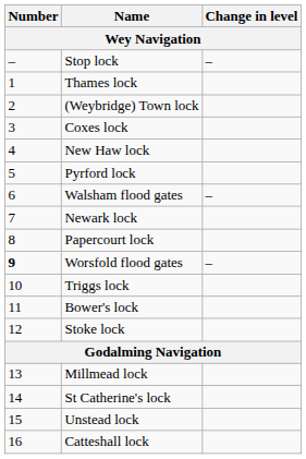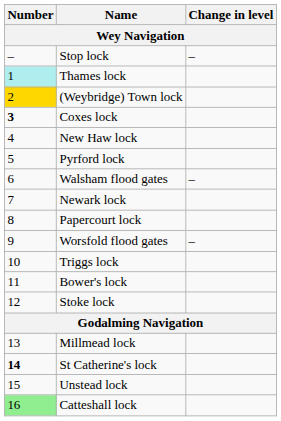 <table class="wikitable">
 <tr>
 <th>Number</th>
 <th>Name</th>
 <th>Change in level</th>
 </tr>
 <tr>
 <th Colspan=3, align=center>Wey Navigation</th>
 </tr>
 <tr>
 <td>–</td>
 <td>Stop lock</td>
 <td>–</td>
 </tr>
 <tr>
-<td>1</td>
+<td style="background: paleturquoise;">1</td>
 <td>Thames lock</td>
 <td></td>
 </tr>
 <tr>
-<td>2</td>
+<td style="background: gold;">2</td>
 <td>(Weybridge) Town lock</td>
 <td></td>
 </tr>
 <tr>
-<td>3</td>
+<td><strong>3</strong></td>
 <td>Coxes lock</td>
 <td></td>
 </tr>
 <tr>
 <td>4</td>
 <td>New Haw lock</td>
 <td></td>
 </tr>
 <tr>
 <td>5</td>
 <td>Pyrford lock</td>
 <td></td>
 </tr>
 <tr>
 <td>6</td>
 <td>Walsham flood gates</td>
 <td>–</td>
 </tr>
 <tr>
 <td>7</td>
 <td>Newark lock</td>
 <td></td>
 </tr>
 <tr>
 <td>8</td>
 <td>Papercourt lock</td>
 <td></td>
 </tr>
 <tr>
-<td><strong>9</strong></td>
+<td>9</td>
 <td>Worsfold flood gates</td>
 <td>–</td>
 </tr>
 <tr>
 <td>10</td>
 <td>Triggs lock</td>
 <td></td>
 </tr>
 <tr>
 <td>11</td>
 <td>Bower's lock</td>
 <td></td>
 </tr>
 <tr>
 <td>12</td>
 <td>Stoke lock</td>
 <td></td>
 </tr>
 <tr>
 <th Colspan=3, align=center>Godalming Navigation</th>
 </tr>
 <tr>
 <td>13</td>
 <td>Millmead lock</td>
 <td></td>
 </tr>
 <tr>
-<td>14</td>
+<td><strong>14</strong></td>
 <td>St Catherine's lock</td>
 <td></td>
 </tr>
 <tr>
 <td>15</td>
 <td>Unstead lock</td>
 <td></td>
 </tr>
 <tr>
-<td>16</td>
+<td style="background: lightgreen;">16</td>
 <td>Catteshall lock</td>
 <td></td>
 </tr>
 </table>
